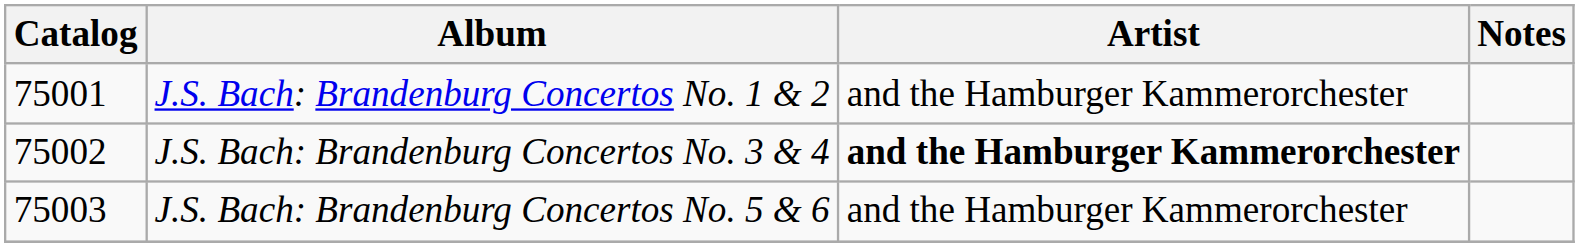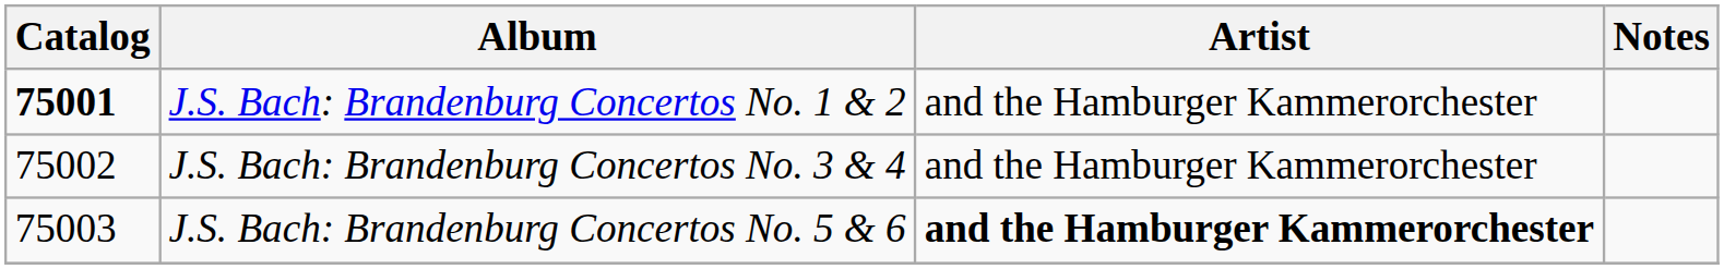 <table class="wikitable sortable">
 <tr>
 <th>Catalog</th>
 <th>Album</th>
 <th>Artist</th>
 <th>Notes</th>
 </tr>
 <tr>
-<td>75001</td>
+<td><strong>75001</strong></td>
 <td><em><a href='#'>J.S. Bach</a>: <a href='#'>Brandenburg Concertos</a> No. 1 & 2</em></td>
 <td> and the Hamburger Kammerorchester</td>
 <td></td>
 </tr>
 <tr>
 <td>75002</td>
 <td><em>J.S. Bach: Brandenburg Concertos No. 3 & 4</em></td>
-<td><strong> and the Hamburger Kammerorchester</strong></td>
+<td> and the Hamburger Kammerorchester</td>
 <td></td>
 </tr>
 <tr>
 <td>75003</td>
 <td><em>J.S. Bach: Brandenburg Concertos No. 5 & 6</em></td>
-<td> and the Hamburger Kammerorchester</td>
+<td><strong> and the Hamburger Kammerorchester</strong></td>
 <td></td>
 </tr>
 <tr>
 </tr>
 </table>
